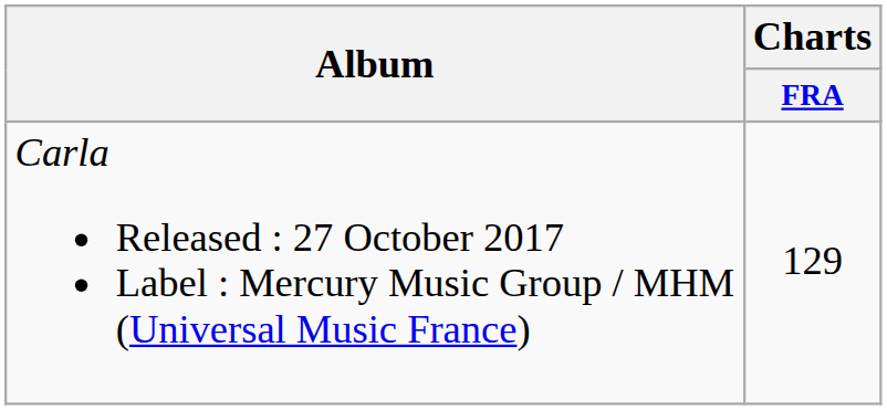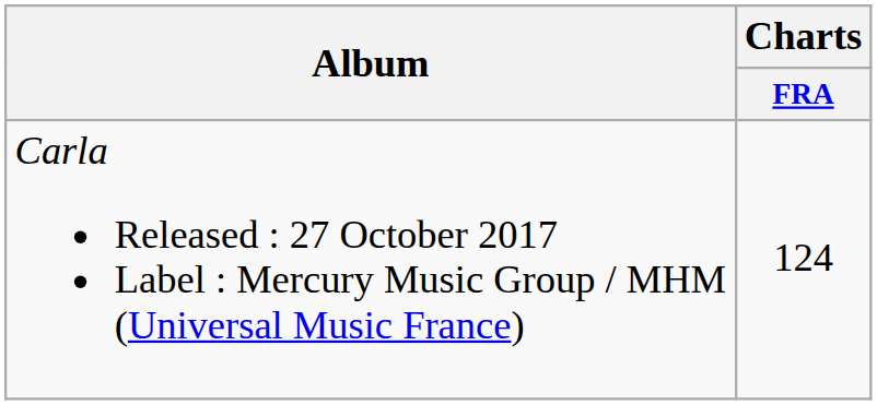 <table class="wikitable">
 <tr>
 <th rowspan="2">Album</th>
 <th colspan="1">Charts</th>
 </tr>
 <tr>
 <th style="width:3em;font-size:75%"><a href='#'>FRA</a></th>
 </tr>
 <tr>
 <td><em>Carla</em><br><ul><li>Released : 27 October 2017</li><li>Label : Mercury Music Group / MHM<br>(<a href='#'>Universal Music France</a>)</li></ul></td>
-<td align="center">129</td>
+<td align="center">124</td>
 </tr>
 </table>
